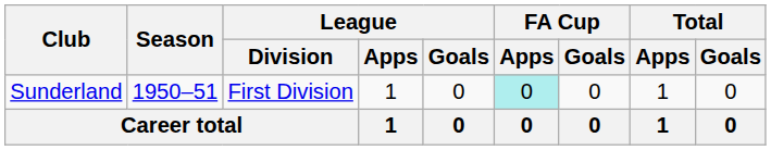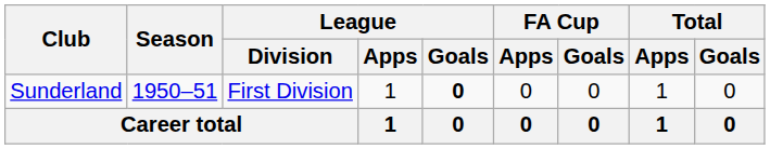 <table class="wikitable" style="text-align: center;">
 <tr>
 <th rowspan="2">Club</th>
 <th rowspan="2">Season</th>
 <th colspan="3">League</th>
 <th colspan="2">FA Cup</th>
 <th colspan="2">Total</th>
 </tr>
 <tr>
 <th>Division</th>
 <th>Apps</th>
 <th>Goals</th>
 <th>Apps</th>
 <th>Goals</th>
 <th>Apps</th>
 <th>Goals</th>
 </tr>
 <tr>
 <td><a href='#'>Sunderland</a></td>
 <td><a href='#'>1950–51</a></td>
 <td><a href='#'>First Division</a></td>
 <td>1</td>
+<td><strong>0</strong></td>
 <td>0</td>
-<td style="background: paleturquoise;">0</td>
 <td>0</td>
 <td>1</td>
 <td>0</td>
 </tr>
 <tr>
 <th colspan="3">Career total</th>
 <th>1</th>
 <th>0</th>
 <th>0</th>
 <th>0</th>
 <th>1</th>
 <th>0</th>
 </tr>
 </table>
